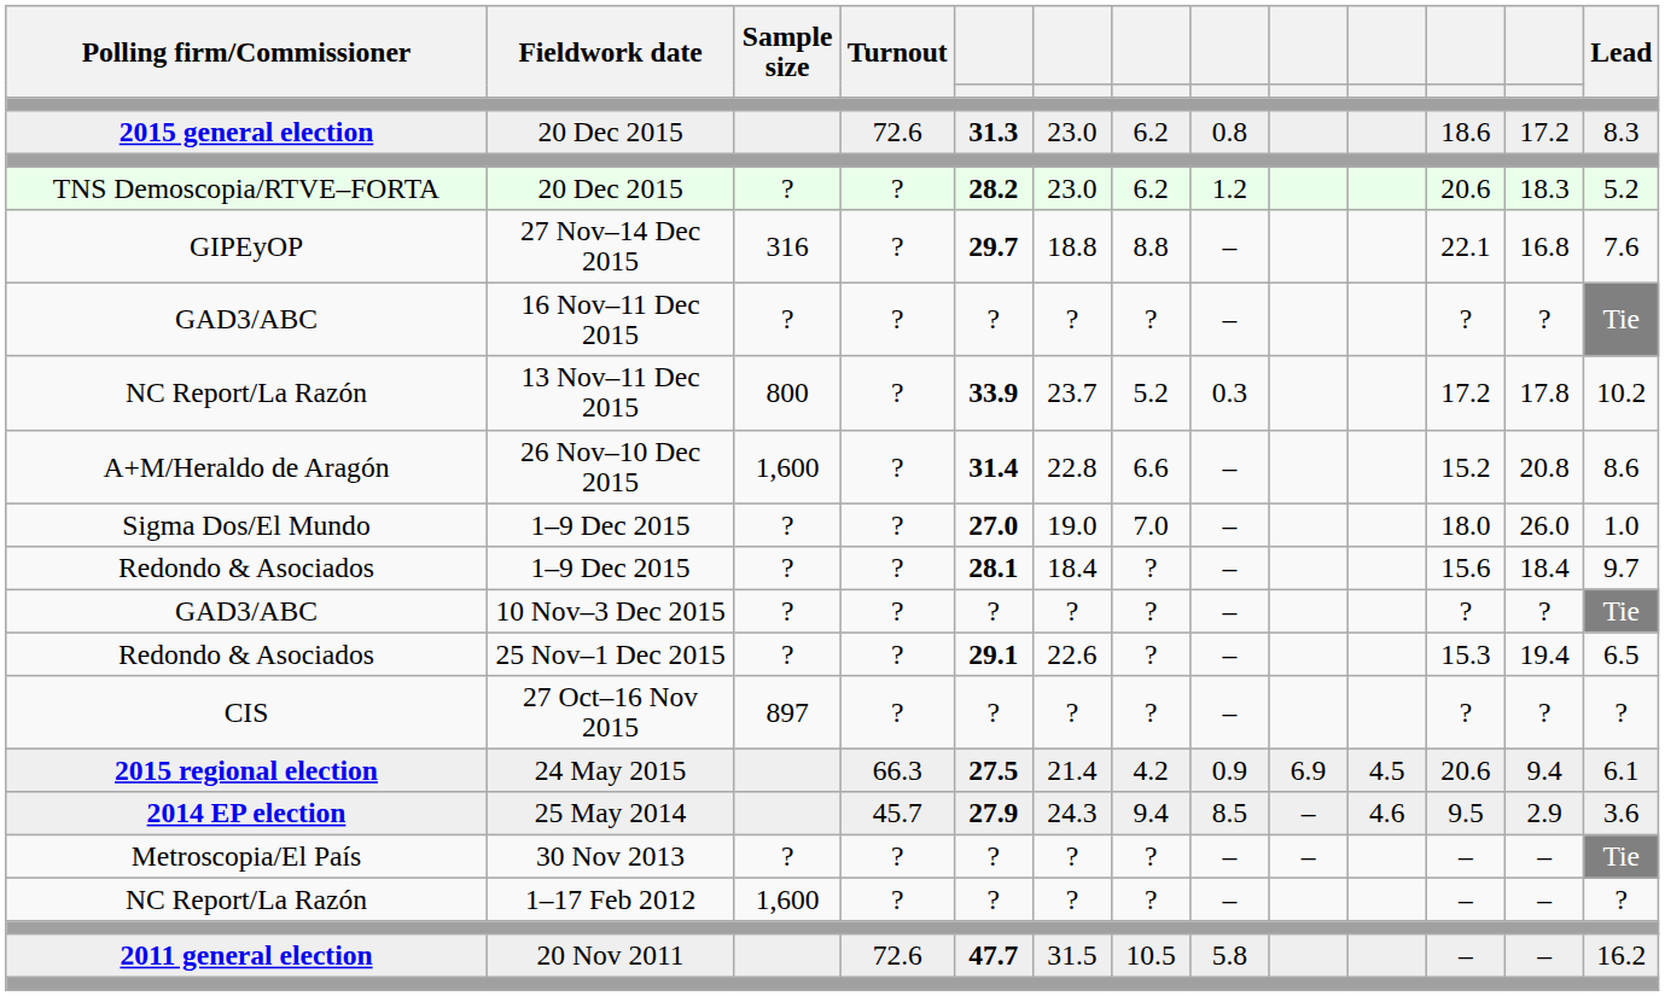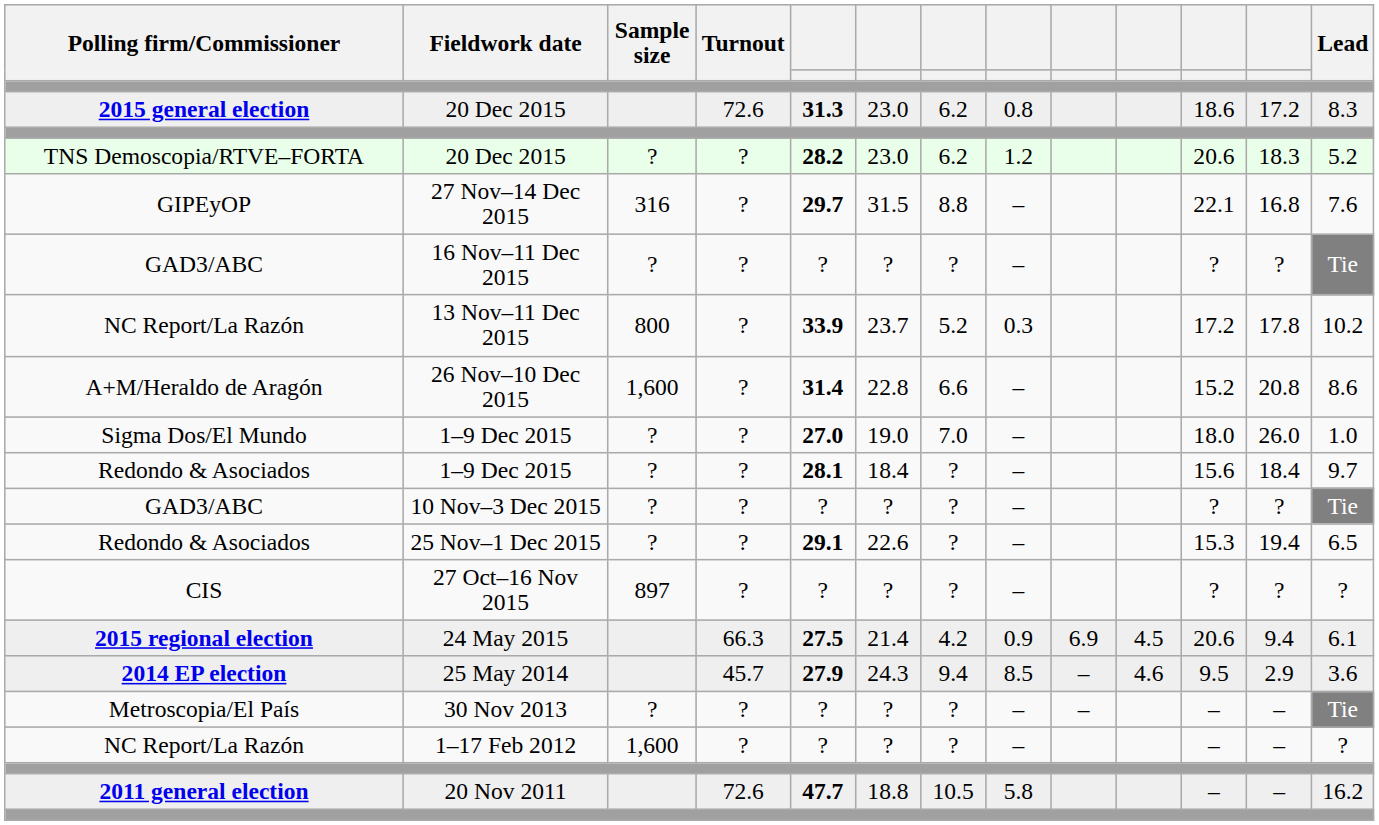 <table class="wikitable collapsible collapsed" style="text-align:center; font-size:95%; line-height:16px;">
 <tr style="height:42px; background-color:#E9E9E9">
 <th style="width:250px;" rowspan="2">Polling firm/Commissioner</th>
 <th style="width:125px;" rowspan="2">Fieldwork date</th>
 <th style="width:50px;" rowspan="2">Sample size</th>
 <th style="width:45px;" rowspan="2">Turnout</th>
 <th style="width:35px;"></th>
 <th style="width:35px;"></th>
 <th style="width:35px;"></th>
 <th style="width:35px;"></th>
 <th style="width:35px;"></th>
 <th style="width:35px;"></th>
 <th style="width:35px;"></th>
 <th style="width:35px;"></th>
 <th style="width:30px;" rowspan="2">Lead</th>
 </tr>
 <tr>
 <th style="color:inherit;background:"></th>
 <th style="color:inherit;background:"></th>
 <th style="color:inherit;background:"></th>
 <th style="color:inherit;background:"></th>
 <th style="color:inherit;background:"></th>
 <th style="color:inherit;background:"></th>
 <th style="color:inherit;background:"></th>
 <th style="color:inherit;background:"></th>
 </tr>
 <tr>
 <td colspan="13" style="background:#A0A0A0"></td>
 </tr>
 <tr style="background:#EFEFEF;">
 <td><strong><a href='#'>2015 general election</a></strong></td>
 <td>20 Dec 2015</td>
 <td></td>
 <td>72.6</td>
 <td><strong>31.3</strong><br></td>
 <td>23.0<br></td>
 <td>6.2<br></td>
 <td>0.8<br></td>
 <td></td>
 <td></td>
 <td>18.6<br></td>
 <td>17.2<br></td>
 <td style="background:">8.3</td>
 </tr>
 <tr>
 <td colspan="13" style="background:#A0A0A0"></td>
 </tr>
 <tr style="background:#EAFFEA;">
 <td>TNS Demoscopia/RTVE–FORTA</td>
 <td>20 Dec 2015</td>
 <td>?</td>
 <td>?</td>
 <td><strong>28.2</strong><br></td>
 <td>23.0<br></td>
 <td>6.2<br></td>
 <td>1.2<br></td>
 <td></td>
 <td></td>
 <td>20.6<br></td>
 <td>18.3<br></td>
 <td style="background:">5.2</td>
 </tr>
 <tr>
 <td>GIPEyOP</td>
 <td>27 Nov–14 Dec 2015</td>
 <td>316</td>
 <td>?</td>
 <td><strong>29.7</strong><br></td>
-<td>18.8<br></td>
+<td>31.5<br></td>
 <td>8.8<br></td>
 <td>–</td>
 <td></td>
 <td></td>
 <td>22.1<br></td>
 <td>16.8<br></td>
 <td style="background:">7.6</td>
 </tr>
 <tr>
 <td>GAD3/ABC</td>
 <td>16 Nov–11 Dec 2015</td>
 <td>?</td>
 <td>?</td>
 <td>?<br></td>
 <td>?<br></td>
 <td>?<br></td>
 <td>–</td>
 <td></td>
 <td></td>
 <td>?<br></td>
 <td>?<br></td>
 <td style="background:gray;color:white;">Tie</td>
 </tr>
 <tr>
 <td>NC Report/La Razón</td>
 <td>13 Nov–11 Dec 2015</td>
 <td>800</td>
 <td>?</td>
 <td><strong>33.9</strong><br></td>
 <td>23.7<br></td>
 <td>5.2<br></td>
 <td>0.3<br></td>
 <td></td>
 <td></td>
 <td>17.2<br></td>
 <td>17.8<br></td>
 <td style="background:">10.2</td>
 </tr>
 <tr>
 <td>A+M/Heraldo de Aragón</td>
 <td>26 Nov–10 Dec 2015</td>
 <td>1,600</td>
 <td>?</td>
 <td><strong>31.4</strong><br></td>
 <td>22.8<br></td>
 <td>6.6<br></td>
 <td>–</td>
 <td></td>
 <td></td>
 <td>15.2<br></td>
 <td>20.8<br></td>
 <td style="background:">8.6</td>
 </tr>
 <tr>
 <td>Sigma Dos/El Mundo</td>
 <td>1–9 Dec 2015</td>
 <td>?</td>
 <td>?</td>
 <td><strong>27.0</strong><br></td>
 <td>19.0<br></td>
 <td>7.0<br></td>
 <td>–</td>
 <td></td>
 <td></td>
 <td>18.0<br></td>
 <td>26.0<br></td>
 <td style="background:">1.0</td>
 </tr>
 <tr>
 <td>Redondo & Asociados</td>
 <td>1–9 Dec 2015</td>
 <td>?</td>
 <td>?</td>
 <td><strong>28.1</strong><br></td>
 <td>18.4<br></td>
 <td>?<br></td>
 <td>–</td>
 <td></td>
 <td></td>
 <td>15.6<br></td>
 <td>18.4<br></td>
 <td style="background:">9.7</td>
 </tr>
 <tr>
 <td>GAD3/ABC</td>
 <td>10 Nov–3 Dec 2015</td>
 <td>?</td>
 <td>?</td>
 <td>?<br></td>
 <td>?<br></td>
 <td>?<br></td>
 <td>–</td>
 <td></td>
 <td></td>
 <td>?<br></td>
 <td>?<br></td>
 <td style="background:gray;color:white;">Tie</td>
 </tr>
 <tr>
 <td>Redondo & Asociados</td>
 <td>25 Nov–1 Dec 2015</td>
 <td>?</td>
 <td>?</td>
 <td><strong>29.1</strong><br></td>
 <td>22.6<br></td>
 <td>?<br></td>
 <td>–</td>
 <td></td>
 <td></td>
 <td>15.3<br></td>
 <td>19.4<br></td>
 <td style="background:">6.5</td>
 </tr>
 <tr>
 <td>CIS</td>
 <td>27 Oct–16 Nov 2015</td>
 <td>897</td>
 <td>?</td>
 <td>?<br></td>
 <td>?<br></td>
 <td>?<br></td>
 <td>–</td>
 <td></td>
 <td></td>
 <td>?<br></td>
 <td>?<br></td>
 <td style="background:">?</td>
 </tr>
 <tr style="background:#EFEFEF;">
 <td><strong><a href='#'>2015 regional election</a></strong></td>
 <td>24 May 2015</td>
 <td></td>
 <td>66.3</td>
 <td><strong>27.5</strong><br></td>
 <td>21.4<br></td>
 <td>4.2<br></td>
 <td>0.9<br></td>
 <td>6.9<br></td>
 <td>4.5<br></td>
 <td>20.6<br></td>
 <td>9.4<br></td>
 <td style="background:">6.1</td>
 </tr>
 <tr style="background:#EFEFEF;">
 <td><strong><a href='#'>2014 EP election</a></strong></td>
 <td>25 May 2014</td>
 <td></td>
 <td>45.7</td>
 <td><strong>27.9</strong><br></td>
 <td>24.3<br></td>
 <td>9.4<br></td>
 <td>8.5<br></td>
 <td>–</td>
 <td>4.6<br></td>
 <td>9.5<br></td>
 <td>2.9<br></td>
 <td style="background:">3.6</td>
 </tr>
 <tr>
 <td>Metroscopia/El País</td>
 <td>30 Nov 2013</td>
 <td>?</td>
 <td>?</td>
 <td>?<br></td>
 <td>?<br></td>
 <td>?<br></td>
 <td>–</td>
 <td>–</td>
 <td></td>
 <td>–</td>
 <td>–</td>
 <td style="background:gray;color:white;">Tie</td>
 </tr>
 <tr>
 <td>NC Report/La Razón</td>
 <td>1–17 Feb 2012</td>
 <td>1,600</td>
 <td>?</td>
 <td>?<br></td>
 <td>?<br></td>
 <td>?<br></td>
 <td>–</td>
 <td></td>
 <td></td>
 <td>–</td>
 <td>–</td>
 <td style="background:">?</td>
 </tr>
 <tr>
 <td colspan="13" style="background:#A0A0A0"></td>
 </tr>
 <tr style="background:#EFEFEF;">
 <td><strong><a href='#'>2011 general election</a></strong></td>
 <td>20 Nov 2011</td>
 <td></td>
 <td>72.6</td>
 <td><strong>47.7</strong><br></td>
-<td>31.5<br></td>
+<td>18.8<br></td>
 <td>10.5<br></td>
 <td>5.8<br></td>
 <td></td>
 <td></td>
 <td>–</td>
 <td>–</td>
 <td style="background:">16.2</td>
 </tr>
 <tr>
 <td colspan="13" style="background:#A0A0A0"></td>
 </tr>
 </table>
